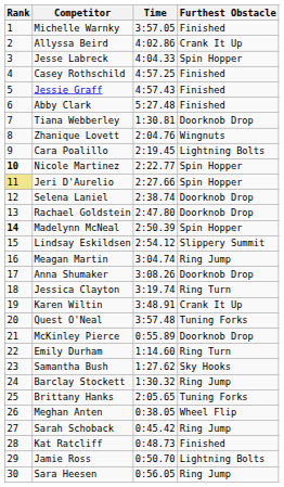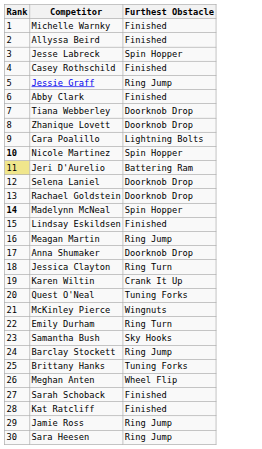 <table class="wikitable sortable">
 <tr>
 <th>Rank</th>
 <th>Competitor</th>
-<th>Time</th>
 <th>Furthest Obstacle</th>
 </tr>
 <tr>
 <td>1</td>
 <td>Michelle Warnky</td>
-<td>3:57.05</td>
 <td>Finished</td>
 </tr>
 <tr>
 <td>2</td>
 <td>Allyssa Beird</td>
-<td>4:02.86</td>
-<td>Crank It Up</td>
+<td>Finished</td>
 </tr>
 <tr>
 <td>3</td>
 <td>Jesse Labreck</td>
-<td>4:04.33</td>
 <td>Spin Hopper</td>
 </tr>
 <tr>
 <td>4</td>
 <td>Casey Rothschild</td>
-<td>4:57.25</td>
 <td>Finished</td>
 </tr>
 <tr>
 <td>5</td>
 <td><a href='#'>Jessie Graff</a></td>
-<td>4:57.43</td>
-<td>Finished</td>
+<td>Ring Jump</td>
 </tr>
 <tr>
 <td>6</td>
 <td>Abby Clark</td>
-<td>5:27.48</td>
 <td>Finished</td>
 </tr>
 <tr>
 <td>7</td>
 <td>Tiana Webberley</td>
-<td>1:30.81</td>
 <td>Doorknob Drop</td>
 </tr>
 <tr>
 <td>8</td>
 <td>Zhanique Lovett</td>
-<td>2:04.76</td>
-<td>Wingnuts</td>
+<td>Doorknob Drop</td>
 </tr>
 <tr>
 <td>9</td>
 <td>Cara Poalillo</td>
-<td>2:19.45</td>
 <td>Lightning Bolts</td>
 </tr>
 <tr>
 <td><strong>10</strong></td>
 <td>Nicole Martinez</td>
-<td>2:22.77</td>
 <td>Spin Hopper</td>
 </tr>
 <tr>
 <td style="background: khaki;">11</td>
 <td>Jeri D'Aurelio</td>
-<td>2:27.66</td>
-<td>Spin Hopper</td>
+<td>Battering Ram</td>
 </tr>
 <tr>
 <td>12</td>
 <td>Selena Laniel</td>
-<td>2:38.74</td>
 <td>Doorknob Drop</td>
 </tr>
 <tr>
 <td>13</td>
 <td>Rachael Goldstein</td>
-<td>2:47.80</td>
 <td>Doorknob Drop</td>
 </tr>
 <tr>
 <td><strong>14</strong></td>
 <td>Madelynn McNeal</td>
-<td>2:50.39</td>
 <td>Spin Hopper</td>
 </tr>
 <tr>
 <td>15</td>
 <td>Lindsay Eskildsen</td>
-<td>2:54.12</td>
-<td>Slippery Summit</td>
+<td>Finished</td>
 </tr>
 <tr>
 <td>16</td>
 <td>Meagan Martin</td>
-<td>3:04.74</td>
 <td>Ring Jump</td>
 </tr>
 <tr>
 <td>17</td>
 <td>Anna Shumaker</td>
-<td>3:08.26</td>
 <td>Doorknob Drop</td>
 </tr>
 <tr>
 <td>18</td>
 <td>Jessica Clayton</td>
-<td>3:19.74</td>
 <td>Ring Turn</td>
 </tr>
 <tr>
 <td>19</td>
 <td>Karen Wiltin</td>
-<td>3:48.91</td>
 <td>Crank It Up</td>
 </tr>
 <tr>
 <td>20</td>
 <td>Quest O'Neal</td>
-<td>3:57.48</td>
 <td>Tuning Forks</td>
 </tr>
 <tr>
 <td>21</td>
 <td>McKinley Pierce</td>
-<td>0:55.89</td>
-<td>Doorknob Drop</td>
+<td>Wingnuts</td>
 </tr>
 <tr>
 <td>22</td>
 <td>Emily Durham</td>
-<td>1:14.60</td>
 <td>Ring Turn</td>
 </tr>
 <tr>
 <td>23</td>
 <td>Samantha Bush</td>
-<td>1:27.62</td>
 <td>Sky Hooks</td>
 </tr>
 <tr>
 <td>24</td>
 <td>Barclay Stockett</td>
-<td>1:30.32</td>
 <td>Ring Jump</td>
 </tr>
 <tr>
 <td>25</td>
 <td>Brittany Hanks</td>
-<td>2:05.65</td>
 <td>Tuning Forks</td>
 </tr>
 <tr>
 <td>26</td>
 <td>Meghan Anten</td>
-<td>0:38.05</td>
 <td>Wheel Flip</td>
 </tr>
 <tr>
 <td>27</td>
 <td>Sarah Schoback</td>
-<td>0:45.42</td>
-<td>Ring Jump</td>
+<td>Finished</td>
 </tr>
 <tr>
 <td>28</td>
 <td>Kat Ratcliff</td>
-<td>0:48.73</td>
 <td>Finished</td>
 </tr>
 <tr>
 <td>29</td>
 <td>Jamie Ross</td>
-<td>0:50.70</td>
-<td>Lightning Bolts</td>
+<td>Ring Jump</td>
 </tr>
 <tr>
 <td>30</td>
 <td>Sara Heesen</td>
-<td>0:56.05</td>
 <td>Ring Jump</td>
 </tr>
 </table>
